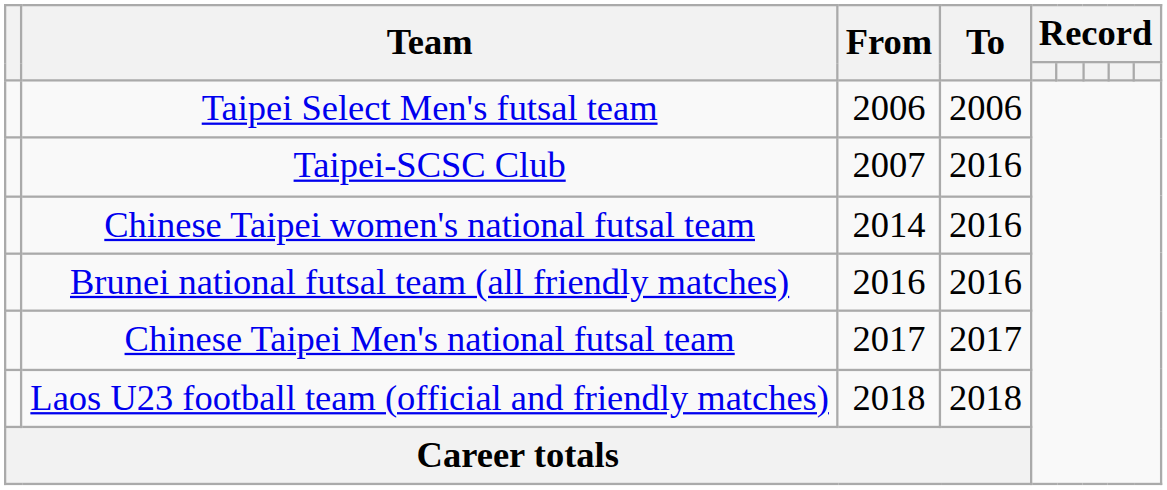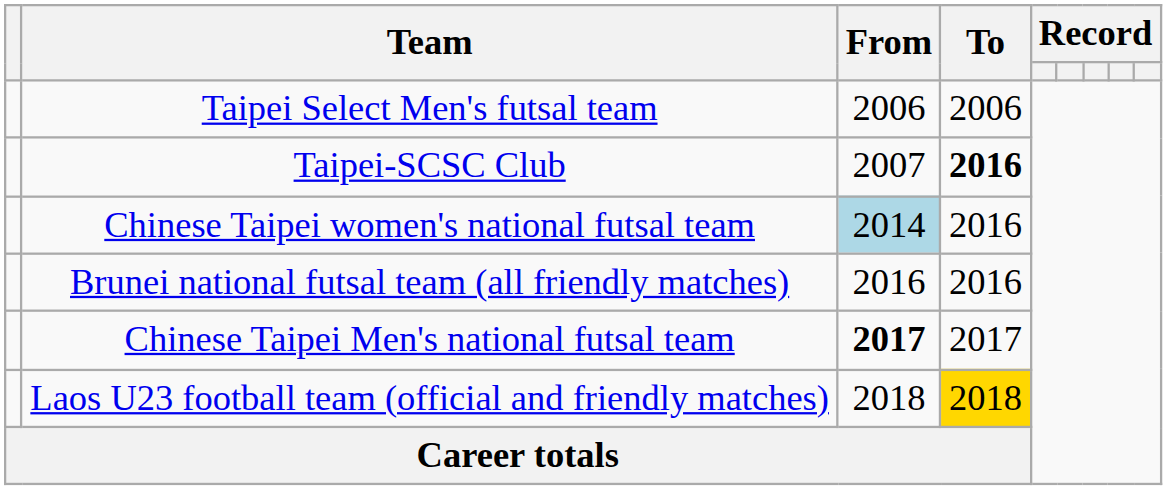 <table class="wikitable" style="text-align: center">
 <tr>
 <th rowspan=2></th>
 <th rowspan=2>Team</th>
 <th rowspan=2>From</th>
 <th rowspan=2>To</th>
 <th colspan=8>Record</th>
 </tr>
 <tr>
 <th></th>
 <th></th>
 <th></th>
 <th></th>
 <th></th>
 </tr>
 <tr>
 <td></td>
 <td><a href='#'>Taipei Select Men's futsal team</a></td>
 <td>2006</td>
 <td>2006<br></td>
 </tr>
 <tr>
 <td></td>
 <td><a href='#'>Taipei-SCSC Club</a></td>
 <td>2007</td>
-<td>2016<br></td>
+<td><strong>2016<br></strong></td>
 </tr>
 <tr>
 <td></td>
 <td><a href='#'>Chinese Taipei women's national futsal team</a></td>
-<td>2014</td>
+<td style="background: lightblue;">2014</td>
 <td>2016<br></td>
 </tr>
 <tr>
 <td></td>
 <td><a href='#'>Brunei national futsal team (all friendly matches) </a></td>
 <td>2016</td>
 <td>2016<br></td>
 </tr>
 <tr>
 <td></td>
 <td><a href='#'>Chinese Taipei Men's national futsal team</a></td>
-<td>2017</td>
+<td><strong>2017</strong></td>
 <td>2017<br></td>
 </tr>
 <tr>
 <td></td>
 <td><a href='#'>Laos U23 football team (official and friendly matches) </a></td>
 <td>2018</td>
-<td>2018<br></td>
+<td style="background: gold;">2018<br></td>
 </tr>
 <tr>
 <th colspan=4>Career totals<br></th>
 </tr>
 </table>
